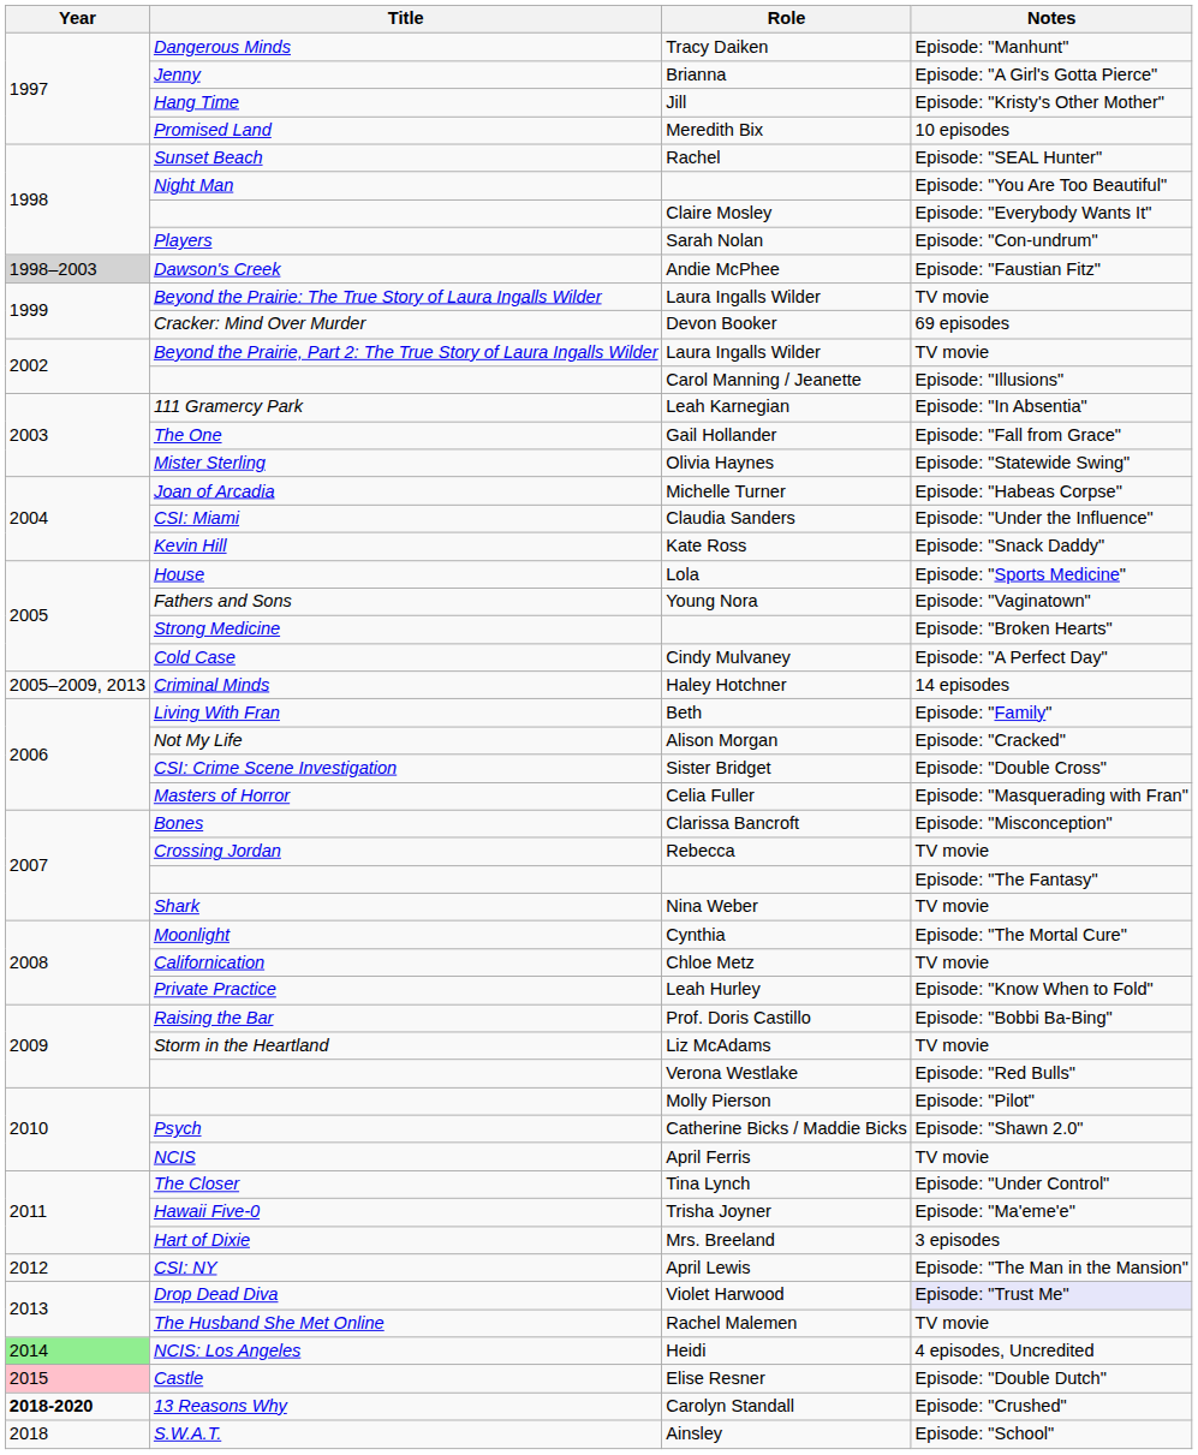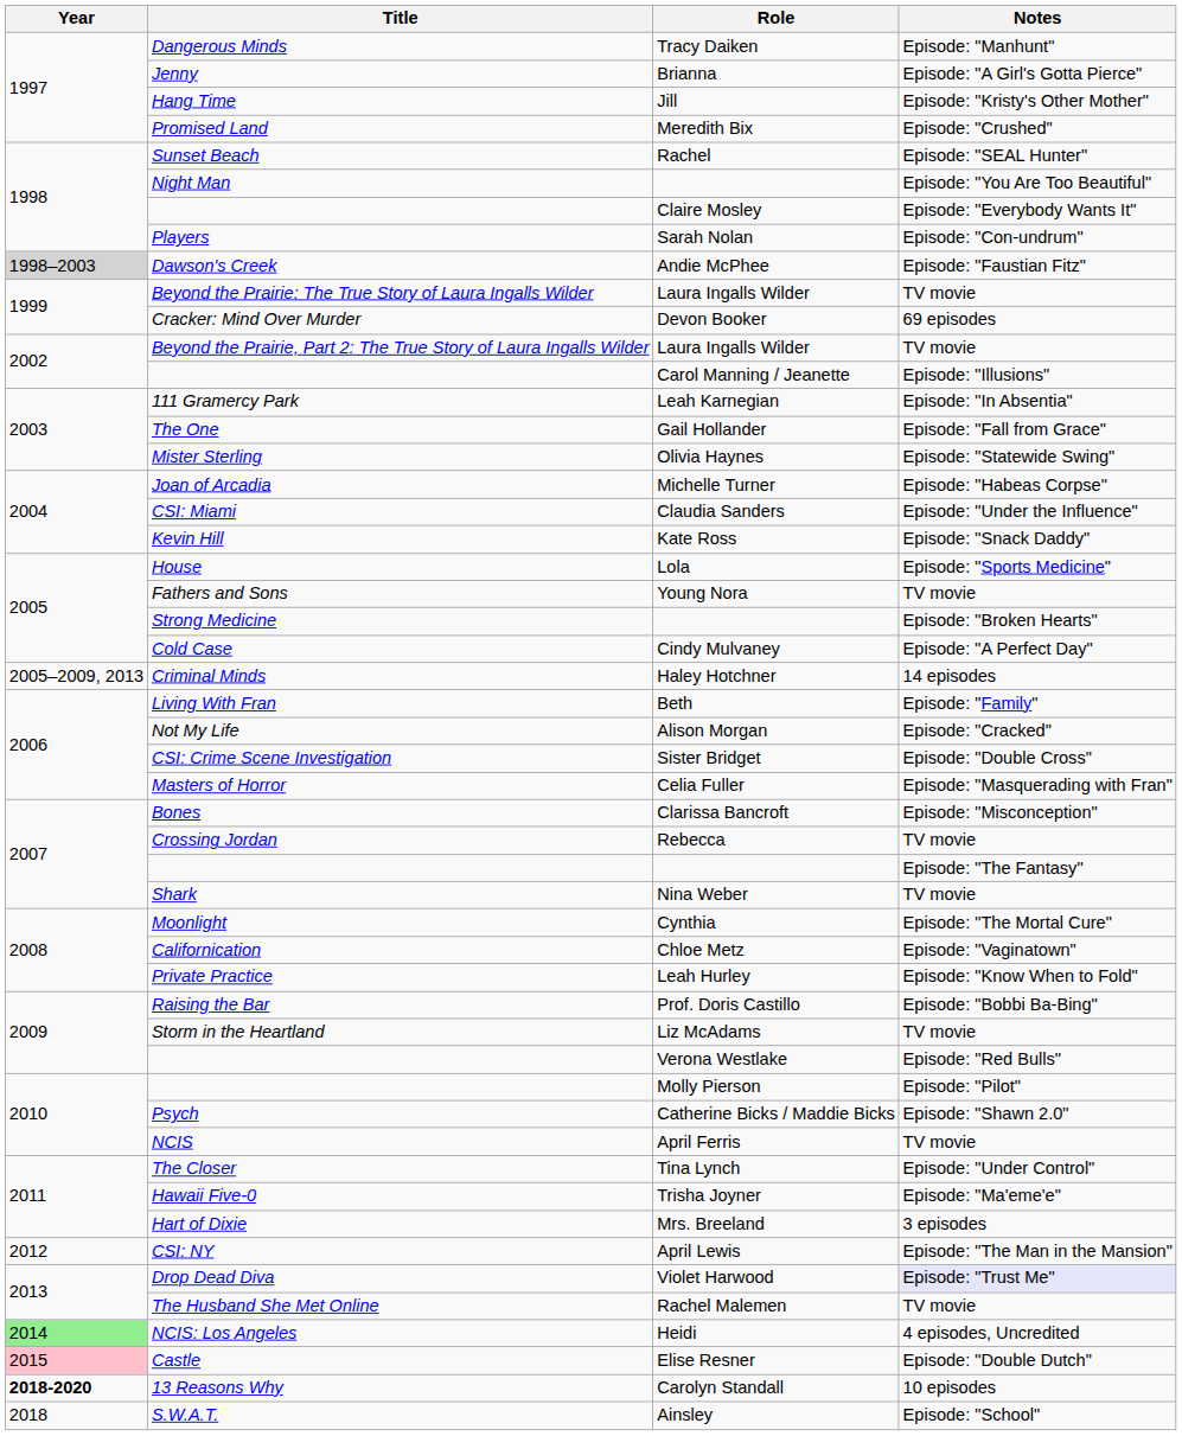 <table class="wikitable sortable">
 <tr>
 <th>Year</th>
 <th>Title</th>
 <th>Role</th>
 <th class="unsortable">Notes</th>
 </tr>
 <tr>
 <td rowspan="4">1997</td>
 <td><em><a href='#'>Dangerous Minds</a></em></td>
 <td>Tracy Daiken</td>
 <td>Episode: "Manhunt"</td>
 </tr>
 <tr>
 <td><em><a href='#'>Jenny</a></em></td>
 <td>Brianna</td>
 <td>Episode: "A Girl's Gotta Pierce"</td>
 </tr>
 <tr>
 <td><em><a href='#'>Hang Time</a></em></td>
 <td>Jill</td>
 <td>Episode: "Kristy's Other Mother"</td>
 </tr>
 <tr>
 <td><em><a href='#'>Promised Land</a></em></td>
 <td>Meredith Bix</td>
-<td>10 episodes</td>
+<td>Episode: "Crushed"</td>
 </tr>
 <tr>
 <td rowspan="4">1998</td>
 <td><em><a href='#'>Sunset Beach</a></em></td>
 <td>Rachel</td>
 <td>Episode: "SEAL Hunter"</td>
 </tr>
 <tr>
 <td><em><a href='#'>Night Man</a></em></td>
 <td></td>
 <td>Episode: "You Are Too Beautiful"</td>
 </tr>
 <tr>
 <td><em></em></td>
 <td>Claire Mosley</td>
 <td>Episode: "Everybody Wants It"</td>
 </tr>
 <tr>
 <td><em><a href='#'>Players</a></em></td>
 <td>Sarah Nolan</td>
 <td>Episode: "Con-undrum"</td>
 </tr>
 <tr>
 <td style="background: lightgrey;">1998–2003</td>
 <td><em><a href='#'>Dawson's Creek</a></em></td>
 <td>Andie McPhee</td>
 <td>Episode: "Faustian Fitz"</td>
 </tr>
 <tr>
 <td rowspan="2">1999</td>
 <td><em><a href='#'>Beyond the Prairie: The True Story of Laura Ingalls Wilder</a></em></td>
 <td>Laura Ingalls Wilder</td>
 <td>TV movie</td>
 </tr>
 <tr>
 <td><em>Cracker: Mind Over Murder</em></td>
 <td>Devon Booker</td>
 <td>69 episodes</td>
 </tr>
 <tr>
 <td rowspan="2">2002</td>
 <td><em><a href='#'>Beyond the Prairie, Part 2: The True Story of Laura Ingalls Wilder</a></em></td>
 <td>Laura Ingalls Wilder</td>
 <td>TV movie</td>
 </tr>
 <tr>
 <td><em></em></td>
 <td>Carol Manning / Jeanette</td>
 <td>Episode: "Illusions"</td>
 </tr>
 <tr>
 <td rowspan="3">2003</td>
 <td><em>111 Gramercy Park</em></td>
 <td>Leah Karnegian</td>
 <td>Episode: "In Absentia"</td>
 </tr>
 <tr>
 <td><em><a href='#'>The One</a></em></td>
 <td>Gail Hollander</td>
 <td>Episode: "Fall from Grace"</td>
 </tr>
 <tr>
 <td><em><a href='#'>Mister Sterling</a></em></td>
 <td>Olivia Haynes</td>
 <td>Episode: "Statewide Swing"</td>
 </tr>
 <tr>
 <td rowspan="3">2004</td>
 <td><em><a href='#'>Joan of Arcadia</a></em></td>
 <td>Michelle Turner</td>
 <td>Episode: "Habeas Corpse"</td>
 </tr>
 <tr>
 <td><em><a href='#'>CSI: Miami</a></em></td>
 <td>Claudia Sanders</td>
 <td>Episode: "Under the Influence"</td>
 </tr>
 <tr>
 <td><em><a href='#'>Kevin Hill</a></em></td>
 <td>Kate Ross</td>
 <td>Episode: "Snack Daddy"</td>
 </tr>
 <tr>
 <td rowspan="4">2005</td>
 <td><em><a href='#'>House</a></em></td>
 <td>Lola</td>
 <td>Episode: "<a href='#'>Sports Medicine</a>"</td>
 </tr>
 <tr>
 <td><em>Fathers and Sons</em></td>
 <td>Young Nora</td>
-<td>Episode: "Vaginatown"</td>
+<td>TV movie</td>
 </tr>
 <tr>
 <td><em><a href='#'>Strong Medicine</a></em></td>
 <td></td>
 <td>Episode: "Broken Hearts"</td>
 </tr>
 <tr>
 <td><em><a href='#'>Cold Case</a></em></td>
 <td>Cindy Mulvaney</td>
 <td>Episode: "A Perfect Day"</td>
 </tr>
 <tr>
 <td>2005–2009, 2013</td>
 <td><em><a href='#'>Criminal Minds</a></em></td>
 <td>Haley Hotchner</td>
 <td>14 episodes</td>
 </tr>
 <tr>
 <td rowspan="4">2006</td>
 <td><em><a href='#'>Living With Fran</a></em></td>
 <td>Beth</td>
 <td>Episode: "<a href='#'>Family</a>"</td>
 </tr>
 <tr>
 <td><em>Not My Life</em></td>
 <td>Alison Morgan</td>
 <td>Episode: "Cracked"</td>
 </tr>
 <tr>
 <td><em><a href='#'>CSI: Crime Scene Investigation</a></em></td>
 <td>Sister Bridget</td>
 <td>Episode: "Double Cross"</td>
 </tr>
 <tr>
 <td><em><a href='#'>Masters of Horror</a></em></td>
 <td>Celia Fuller</td>
 <td>Episode: "Masquerading with Fran"</td>
 </tr>
 <tr>
 <td rowspan="4">2007</td>
 <td><em><a href='#'>Bones</a></em></td>
 <td>Clarissa Bancroft</td>
 <td>Episode: "Misconception"</td>
 </tr>
 <tr>
 <td><em><a href='#'>Crossing Jordan</a></em></td>
 <td>Rebecca</td>
 <td>TV movie</td>
 </tr>
 <tr>
 <td><em></em></td>
 <td></td>
 <td>Episode: "The Fantasy"</td>
 </tr>
 <tr>
 <td><em><a href='#'>Shark</a></em></td>
 <td>Nina Weber</td>
 <td>TV movie</td>
 </tr>
 <tr>
 <td rowspan="3">2008</td>
 <td><em><a href='#'>Moonlight</a></em></td>
 <td>Cynthia</td>
 <td>Episode: "The Mortal Cure"</td>
 </tr>
 <tr>
 <td><em><a href='#'>Californication</a></em></td>
 <td>Chloe Metz</td>
-<td>TV movie</td>
+<td>Episode: "Vaginatown"</td>
 </tr>
 <tr>
 <td><em><a href='#'>Private Practice</a></em></td>
 <td>Leah Hurley</td>
 <td>Episode: "Know When to Fold"</td>
 </tr>
 <tr>
 <td rowspan="3">2009</td>
 <td><em><a href='#'>Raising the Bar</a></em></td>
 <td>Prof. Doris Castillo</td>
 <td>Episode: "Bobbi Ba-Bing"</td>
 </tr>
 <tr>
 <td><em>Storm in the Heartland</em></td>
 <td>Liz McAdams</td>
 <td>TV movie</td>
 </tr>
 <tr>
 <td><em></em></td>
 <td>Verona Westlake</td>
 <td>Episode: "Red Bulls"</td>
 </tr>
 <tr>
 <td rowspan="3">2010</td>
 <td><em></em></td>
 <td>Molly Pierson</td>
 <td>Episode: "Pilot"</td>
 </tr>
 <tr>
 <td><em><a href='#'>Psych</a></em></td>
 <td>Catherine Bicks / Maddie Bicks</td>
 <td>Episode: "Shawn 2.0"</td>
 </tr>
 <tr>
 <td><em><a href='#'>NCIS</a></em></td>
 <td>April Ferris</td>
 <td>TV movie</td>
 </tr>
 <tr>
 <td rowspan="3">2011</td>
 <td><em><a href='#'>The Closer</a></em></td>
 <td>Tina Lynch</td>
 <td>Episode: "Under Control"</td>
 </tr>
 <tr>
 <td><em><a href='#'>Hawaii Five-0</a></em></td>
 <td>Trisha Joyner</td>
 <td>Episode: "Ma'eme'e"</td>
 </tr>
 <tr>
 <td><em><a href='#'>Hart of Dixie</a></em></td>
 <td>Mrs. Breeland</td>
 <td>3 episodes</td>
 </tr>
 <tr>
 <td>2012</td>
 <td><em><a href='#'>CSI: NY</a></em></td>
 <td>April Lewis</td>
 <td>Episode: "The Man in the Mansion"</td>
 </tr>
 <tr>
 <td rowspan="2">2013</td>
 <td><em><a href='#'>Drop Dead Diva</a></em></td>
 <td>Violet Harwood</td>
 <td style="background: lavender;">Episode: "Trust Me"</td>
 </tr>
 <tr>
 <td><em><a href='#'>The Husband She Met Online</a></em></td>
 <td>Rachel Malemen</td>
 <td>TV movie</td>
 </tr>
 <tr>
 <td style="background: lightgreen;">2014</td>
 <td><em><a href='#'>NCIS: Los Angeles</a></em></td>
 <td>Heidi</td>
 <td>4 episodes, Uncredited</td>
 </tr>
 <tr>
 <td style="background: pink;">2015</td>
 <td><em><a href='#'>Castle</a></em></td>
 <td>Elise Resner</td>
 <td>Episode: "Double Dutch"</td>
 </tr>
 <tr>
 <td><strong>2018-2020</strong></td>
 <td><em><a href='#'>13 Reasons Why</a></em></td>
 <td>Carolyn Standall</td>
-<td>Episode: "Crushed"</td>
+<td>10 episodes</td>
 </tr>
 <tr>
 <td>2018</td>
 <td><em><a href='#'>S.W.A.T.</a></em></td>
 <td>Ainsley</td>
 <td>Episode: "School"</td>
 </tr>
 </table>
